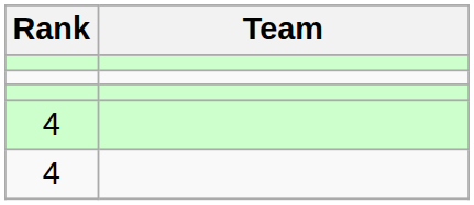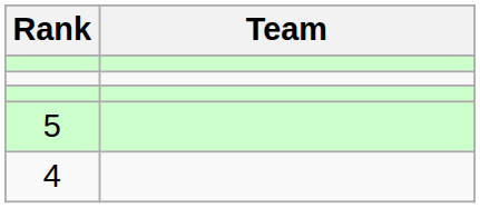 <table class=wikitable style="text-align:center;">
 <tr>
 <th>Rank</th>
 <th width=180>Team</th>
 </tr>
 <tr bgcolor=#CCFFCC>
 <td></td>
 <td align=left></td>
 </tr>
 <tr>
 <td></td>
 <td align=left></td>
 </tr>
 <tr bgcolor=#CCFFCC>
 <td></td>
 <td align=left></td>
 </tr>
 <tr bgcolor=#CCFFCC>
-<td>4</td>
+<td>5</td>
 <td align=left></td>
 </tr>
 <tr>
 <td>4</td>
 <td align=left></td>
 </tr>
 </table>
